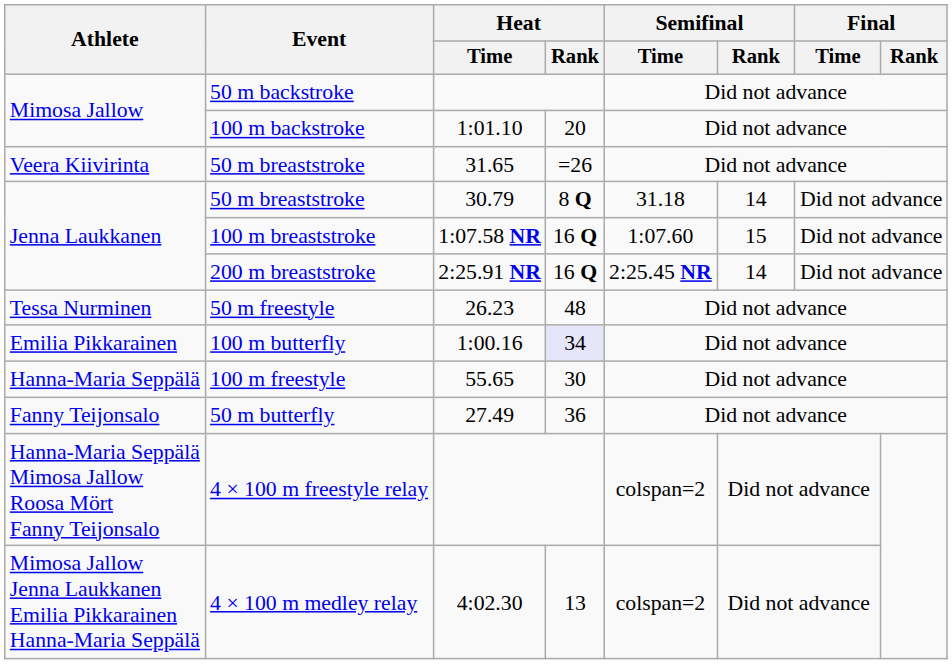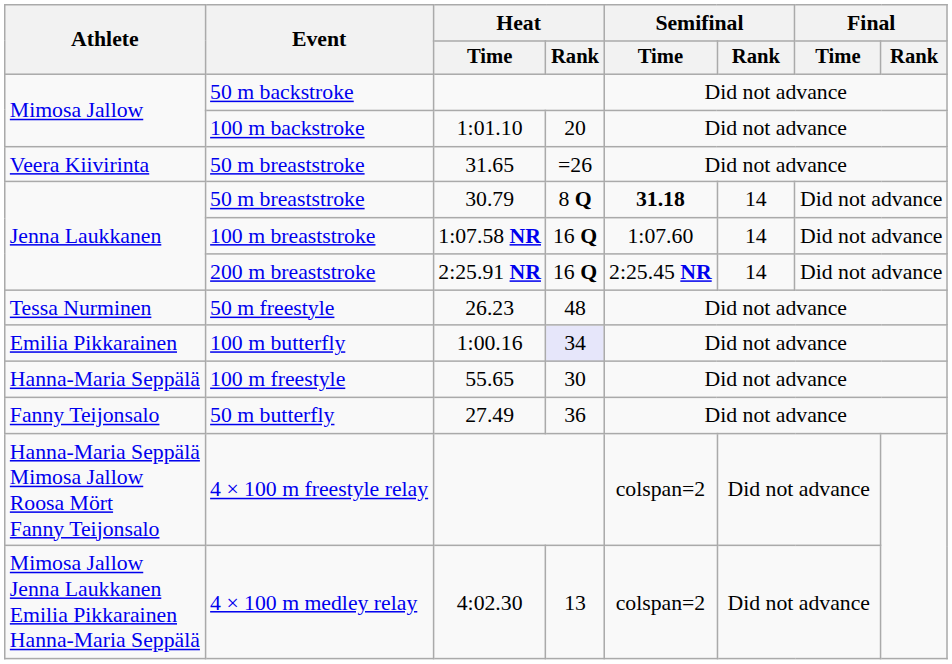 <table class=wikitable style="font-size:90%">
 <tr>
 <th rowspan="2">Athlete</th>
 <th rowspan="2">Event</th>
 <th colspan="2">Heat</th>
 <th colspan="2">Semifinal</th>
 <th colspan="2">Final</th>
 </tr>
 <tr style="font-size:95%">
 <th>Time</th>
 <th>Rank</th>
 <th>Time</th>
 <th>Rank</th>
 <th>Time</th>
 <th>Rank</th>
 </tr>
 <tr align=center>
 <td align=left rowspan=2><a href='#'>Mimosa Jallow</a></td>
 <td align=left><a href='#'>50 m backstroke</a></td>
 <td colspan=2></td>
 <td colspan=4>Did not advance</td>
 </tr>
 <tr align=center>
 <td align=left><a href='#'>100 m backstroke</a></td>
 <td>1:01.10</td>
 <td>20</td>
 <td colspan=4>Did not advance</td>
 </tr>
 <tr align=center>
 <td align=left><a href='#'>Veera Kiivirinta</a></td>
 <td align=left><a href='#'>50 m breaststroke</a></td>
 <td>31.65</td>
 <td>=26</td>
 <td colspan=4>Did not advance</td>
 </tr>
 <tr align=center>
 <td align=left rowspan=3><a href='#'>Jenna Laukkanen</a></td>
 <td align=left><a href='#'>50 m breaststroke</a></td>
 <td>30.79</td>
 <td>8 <strong>Q</strong></td>
-<td>31.18</td>
+<td><strong>31.18</strong></td>
 <td>14</td>
 <td colspan=2>Did not advance</td>
 </tr>
 <tr align=center>
 <td align=left><a href='#'>100 m breaststroke</a></td>
 <td>1:07.58 <strong><a href='#'>NR</a></strong></td>
 <td>16 <strong>Q</strong></td>
 <td>1:07.60</td>
-<td>15</td>
+<td>14</td>
 <td colspan=2>Did not advance</td>
 </tr>
 <tr align=center>
 <td align=left><a href='#'>200 m breaststroke</a></td>
 <td>2:25.91 <strong><a href='#'>NR</a></strong></td>
 <td>16 <strong>Q</strong></td>
 <td>2:25.45 <strong><a href='#'>NR</a></strong></td>
 <td>14</td>
 <td colspan=2>Did not advance</td>
 </tr>
 <tr align=center>
 <td align=left><a href='#'>Tessa Nurminen</a></td>
 <td align=left><a href='#'>50 m freestyle</a></td>
 <td>26.23</td>
 <td>48</td>
 <td colspan=4>Did not advance</td>
 </tr>
 <tr align=center>
 <td align=left><a href='#'>Emilia Pikkarainen</a></td>
 <td align=left><a href='#'>100 m butterfly</a></td>
 <td>1:00.16</td>
 <td style="background: lavender;">34</td>
 <td colspan=4>Did not advance</td>
 </tr>
 <tr align=center>
 <td align=left><a href='#'>Hanna-Maria Seppälä</a></td>
 <td align=left><a href='#'>100 m freestyle</a></td>
 <td>55.65</td>
 <td>30</td>
 <td colspan=4>Did not advance</td>
 </tr>
 <tr align=center>
 <td align=left><a href='#'>Fanny Teijonsalo</a></td>
 <td align=left><a href='#'>50 m butterfly</a></td>
 <td>27.49</td>
 <td>36</td>
 <td colspan=4>Did not advance</td>
 </tr>
 <tr align=center>
 <td align=left><a href='#'>Hanna-Maria Seppälä</a><br><a href='#'>Mimosa Jallow</a><br><a href='#'>Roosa Mört</a><br><a href='#'>Fanny Teijonsalo</a></td>
 <td align=left><a href='#'>4 × 100 m freestyle relay</a></td>
 <td colspan=2></td>
 <td>colspan=2 </td>
 <td colspan=2>Did not advance</td>
 </tr>
 <tr align=center>
 <td align=left><a href='#'>Mimosa Jallow</a><br><a href='#'>Jenna Laukkanen</a><br><a href='#'>Emilia Pikkarainen</a><br><a href='#'>Hanna-Maria Seppälä</a></td>
 <td align=left><a href='#'>4 × 100 m medley relay</a></td>
 <td>4:02.30</td>
 <td>13</td>
 <td>colspan=2 </td>
 <td colspan=2>Did not advance</td>
 </tr>
 </table>
